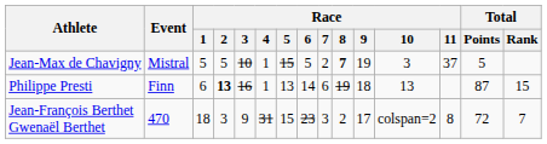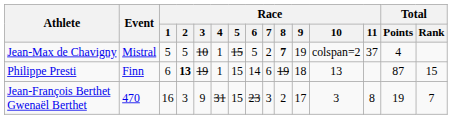 <table class=wikitable style=font-size:90%;text-align:center>
 <tr>
 <th rowspan=2>Athlete</th>
 <th rowspan=2>Event</th>
 <th colspan=11>Race</th>
 <th colspan=2>Total</th>
 </tr>
 <tr style=font-size:95%>
 <th>1</th>
 <th>2</th>
 <th>3</th>
 <th>4</th>
 <th>5</th>
 <th>6</th>
 <th>7</th>
 <th>8</th>
 <th>9</th>
 <th>10</th>
 <th>11</th>
 <th>Points</th>
 <th>Rank</th>
 </tr>
 <tr>
 <td align=left><a href='#'>Jean-Max de Chavigny</a></td>
 <td align=left><a href='#'>Mistral</a></td>
 <td>5</td>
 <td>5</td>
 <td><s>10</s></td>
 <td>1</td>
 <td><s>15</s></td>
 <td>5</td>
 <td>2</td>
 <td><strong>7</strong></td>
 <td>19</td>
-<td>3</td>
+<td>colspan=2 </td>
 <td>37</td>
-<td>5</td>
+<td>4</td>
 </tr>
 <tr>
 <td align=left><a href='#'>Philippe Presti</a></td>
 <td align=left><a href='#'>Finn</a></td>
 <td>6</td>
 <td><strong>13</strong></td>
-<td><s>16</s></td>
+<td><s>19</s></td>
 <td>1</td>
-<td>13</td>
+<td>15</td>
 <td>14</td>
 <td>6</td>
 <td><s>19</s></td>
 <td>18</td>
 <td>13</td>
 <td></td>
 <td>87</td>
 <td>15</td>
 </tr>
 <tr>
 <td align=left><a href='#'>Jean-François Berthet</a><br><a href='#'>Gwenaël Berthet</a></td>
 <td align=left><a href='#'>470</a></td>
-<td>18</td>
+<td>16</td>
 <td>3</td>
 <td>9</td>
 <td><s>31</s></td>
 <td>15</td>
 <td><s>23</s></td>
 <td>3</td>
 <td>2</td>
 <td>17</td>
-<td>colspan=2 </td>
+<td>3</td>
 <td>8</td>
-<td>72</td>
+<td>19</td>
 <td>7</td>
 </tr>
 </table>
